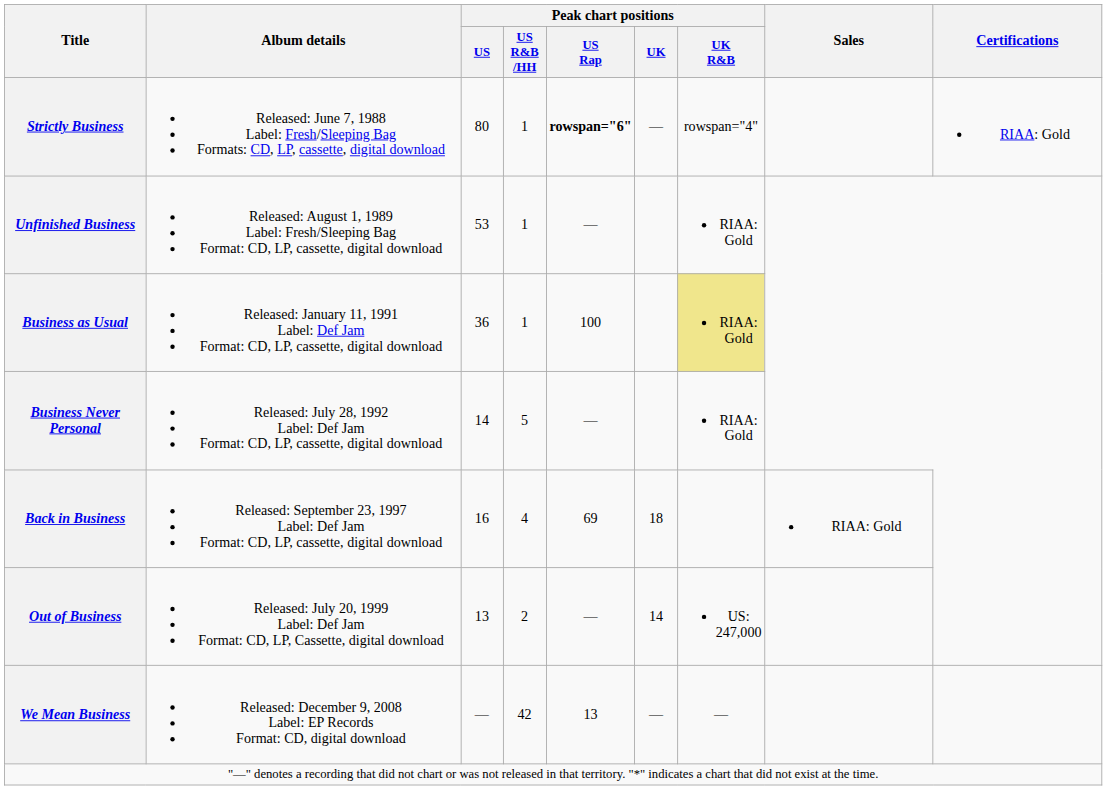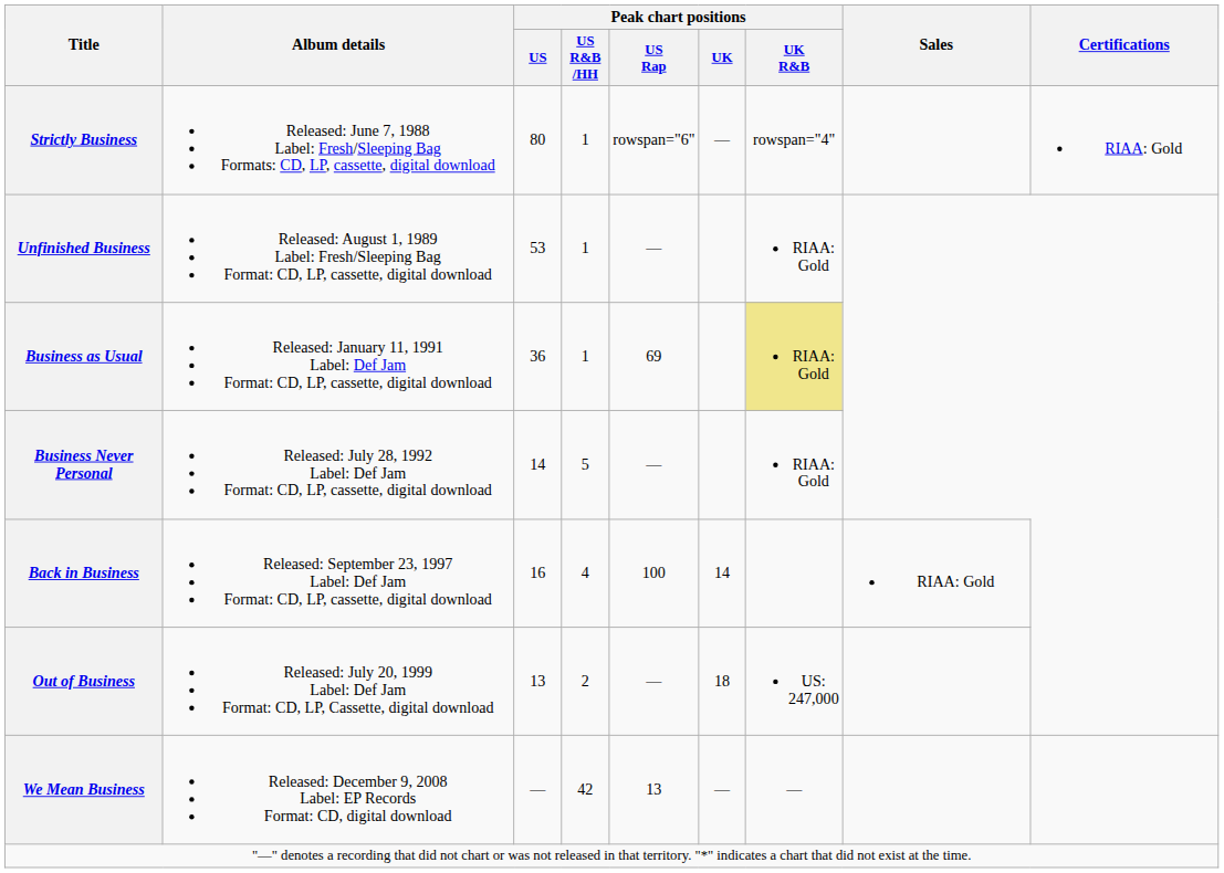 <table class="wikitable plainrowheaders" style="text-align:center;" border="1">
 <tr>
 <th scope="col" rowspan="2" style="width:10em;">Title</th>
 <th scope="col" rowspan="2" style="width:23em;">Album details</th>
 <th scope="col" colspan="5">Peak chart positions</th>
 <th scope="col" rowspan="2" style="width:12em;">Sales</th>
 <th scope="col" rowspan="2" style="width:12em;"><a href='#'>Certifications</a></th>
 </tr>
 <tr>
 <th scope="col" style="width:3em;font-size:90%;"><a href='#'>US</a><br></th>
 <th scope="col" style="width:3em;font-size:90%;"><a href='#'>US<br>R&B<br>/HH</a><br></th>
 <th scope="col" style="width:3em;font-size:90%;"><a href='#'>US<br>Rap</a><br></th>
 <th scope="col" style="width:3em;font-size:90%;"><a href='#'>UK</a><br></th>
 <th style="width:2em;font-size:90%;"><a href='#'>UK<br>R&B</a><br></th>
 </tr>
 <tr>
 <th scope="row"><em><a href='#'>Strictly Business</a></em></th>
 <td><br><ul><li>Released: June 7, 1988</li><li>Label: <a href='#'>Fresh</a>/<a href='#'>Sleeping Bag</a></li><li>Formats: <a href='#'>CD</a>, <a href='#'>LP</a>, <a href='#'>cassette</a>, <a href='#'>digital download</a></li></ul></td>
 <td>80</td>
 <td>1</td>
-<td><strong>rowspan="6" </strong></td>
+<td>rowspan="6" </td>
 <td>—</td>
 <td>rowspan="4" </td>
 <td></td>
 <td><br><ul><li><a href='#'>RIAA</a>: Gold</li></ul></td>
 </tr>
 <tr>
 <th scope="row"><em><a href='#'>Unfinished Business</a></em></th>
 <td><br><ul><li>Released: August 1, 1989</li><li>Label: Fresh/Sleeping Bag</li><li>Format: CD, LP, cassette, digital download</li></ul></td>
 <td>53</td>
 <td>1</td>
 <td>—</td>
 <td></td>
 <td><br><ul><li>RIAA: Gold</li></ul></td>
 </tr>
 <tr>
 <th scope="row"><em><a href='#'>Business as Usual</a></em></th>
 <td><br><ul><li>Released: January 11, 1991</li><li>Label: <a href='#'>Def Jam</a></li><li>Format: CD, LP, cassette, digital download</li></ul></td>
 <td>36</td>
 <td>1</td>
-<td>100</td>
+<td>69</td>
 <td></td>
 <td style="background: khaki;"><br><ul><li>RIAA: Gold</li></ul></td>
 </tr>
 <tr>
 <th scope="row"><em><a href='#'>Business Never Personal</a></em></th>
 <td><br><ul><li>Released: July 28, 1992</li><li>Label: Def Jam</li><li>Format: CD, LP, cassette, digital download</li></ul></td>
 <td>14</td>
 <td>5</td>
 <td>—</td>
 <td></td>
 <td><br><ul><li>RIAA: Gold</li></ul></td>
 </tr>
 <tr>
 <th scope="row"><em><a href='#'>Back in Business</a></em></th>
 <td><br><ul><li>Released: September 23, 1997</li><li>Label: Def Jam</li><li>Format: CD, LP, cassette, digital download</li></ul></td>
 <td>16</td>
 <td>4</td>
-<td>69</td>
-<td>18</td>
+<td>100</td>
+<td>14</td>
 <td></td>
 <td><br><ul><li>RIAA: Gold</li></ul></td>
 </tr>
 <tr>
 <th scope="row"><em><a href='#'>Out of Business</a></em></th>
 <td><br><ul><li>Released: July 20, 1999</li><li>Label: Def Jam</li><li>Format: CD, LP, Cassette, digital download</li></ul></td>
 <td>13</td>
 <td>2</td>
 <td>—</td>
-<td>14</td>
+<td>18</td>
 <td><br><ul><li>US: 247,000</li></ul></td>
 <td></td>
 </tr>
 <tr>
 <th scope="row"><em><a href='#'>We Mean Business</a></em></th>
 <td><br><ul><li>Released: December 9, 2008</li><li>Label: EP Records</li><li>Format: CD, digital download</li></ul></td>
 <td>—</td>
 <td>42</td>
 <td>13</td>
 <td>—</td>
 <td>—</td>
 <td></td>
 <td></td>
 </tr>
 <tr>
 <td colspan="15" style="font-size:90%">"—" denotes a recording that did not chart or was not released in that territory. "*" indicates a chart that did not exist at the time.</td>
 </tr>
 </table>
